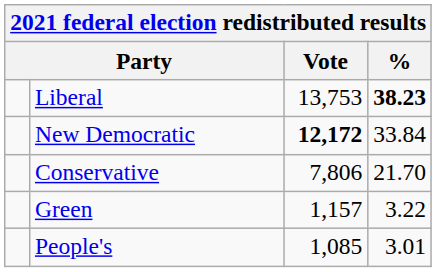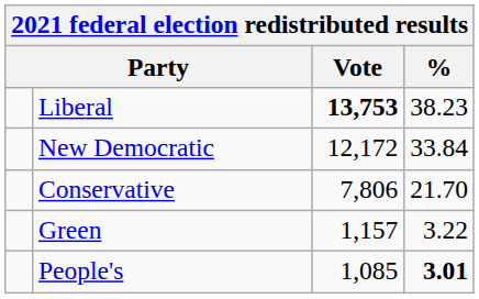 <table class="wikitable">
 <tr>
 <th colspan="4"><a href='#'>2021 federal election</a> redistributed results</th>
 </tr>
 <tr>
 <th bgcolor="#DDDDFF" width="130px" colspan="2">Party</th>
 <th bgcolor="#DDDDFF" width="50px">Vote</th>
 <th bgcolor="#DDDDFF" width="30px">%</th>
 </tr>
 <tr>
 <td> </td>
 <td><a href='#'>Liberal</a></td>
-<td align=right>13,753</td>
-<td align=right><strong>38.23</strong></td>
+<td align=right><strong>13,753</strong></td>
+<td align=right>38.23</td>
 </tr>
 <tr>
 <td> </td>
 <td><a href='#'>New Democratic</a></td>
-<td align=right><strong>12,172</strong></td>
+<td align=right>12,172</td>
 <td align=right>33.84</td>
 </tr>
 <tr>
 <td> </td>
 <td><a href='#'>Conservative</a></td>
 <td align=right>7,806</td>
 <td align=right>21.70</td>
 </tr>
 <tr>
 <td> </td>
 <td><a href='#'>Green</a></td>
 <td align=right>1,157</td>
 <td align=right>3.22</td>
 </tr>
 <tr>
 <td> </td>
 <td><a href='#'>People's</a></td>
 <td align=right>1,085</td>
-<td align=right>3.01</td>
+<td align=right><strong>3.01</strong></td>
 </tr>
 </table>
